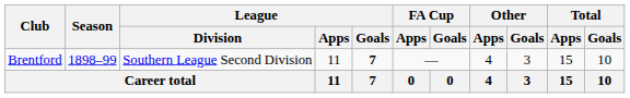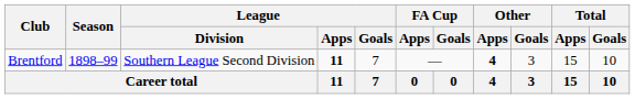 <table class="wikitable" style="text-align: center;">
 <tr>
 <th rowspan="2">Club</th>
 <th rowspan="2">Season</th>
 <th colspan="3">League</th>
 <th colspan="2">FA Cup</th>
 <th colspan="2">Other</th>
 <th colspan="2">Total</th>
 </tr>
 <tr>
 <th>Division</th>
 <th>Apps</th>
 <th>Goals</th>
 <th>Apps</th>
 <th>Goals</th>
 <th>Apps</th>
 <th>Goals</th>
 <th>Apps</th>
 <th>Goals</th>
 </tr>
 <tr>
 <td><a href='#'>Brentford</a></td>
 <td><a href='#'>1898–99</a></td>
 <td><a href='#'>Southern League</a> Second Division</td>
-<td>11</td>
-<td><strong>7</strong></td>
+<td><strong>11</strong></td>
+<td>7</td>
 <td colspan="2">—</td>
-<td>4</td>
+<td><strong>4</strong></td>
 <td>3</td>
 <td>15</td>
 <td>10</td>
 </tr>
 <tr>
 <th colspan="3">Career total</th>
 <th>11</th>
 <th>7</th>
 <th>0</th>
 <th>0</th>
 <th>4</th>
 <th>3</th>
 <th>15</th>
 <th>10</th>
 </tr>
 </table>
